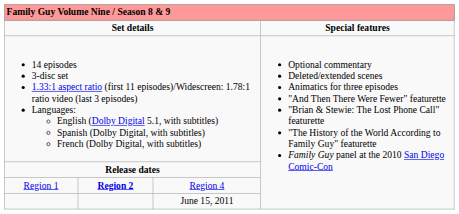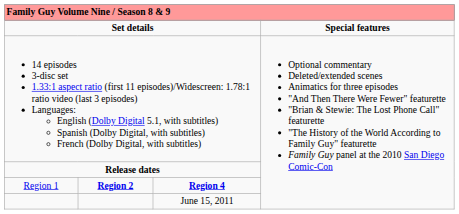 <table class="wikitable" style="font-size: 95%;">
 <tr style="background:#000111">
 <td colspan="5" style="background:#f99;"><strong>Family Guy Volume Nine / Season 8 & 9</strong></td>
 </tr>
 <tr style="vertical-align:top; text-align:center;">
 <td style="width:400px;" colspan="3"><strong>Set details</strong></td>
 <td style="width:300px; "><strong>Special features</strong></td>
 </tr>
 <tr valign="top">
 <td colspan="3"  style="text-align:left; width:400px;"><br><ul><li>14 episodes</li><li>3-disc set</li><li><a href='#'>1.33:1 aspect ratio</a> (first 11 episodes)/Widescreen: 1.78:1 ratio video (last 3 episodes)</li><li>Languages:<ul><li>English (<a href='#'>Dolby Digital</a> 5.1, with subtitles)</li><li>Spanish (Dolby Digital, with subtitles)</li><li>French (Dolby Digital, with subtitles)</li></ul></li></ul></td>
 <td rowspan="4"  style="text-align:left; width:300px;"><br><ul><li>Optional commentary</li><li>Deleted/extended scenes</li><li>Animatics for three episodes</li><li>"And Then There Were Fewer" featurette</li><li>"Brian & Stewie: The Lost Phone Call" featurette</li><li>"The History of the World According to Family Guy" featurette</li><li><em>Family Guy</em> panel at the 2010 <a href='#'>San Diego Comic-Con</a></li></ul></td>
 </tr>
 <tr>
 <td colspan="3" style="text-align:center;"><strong>Release dates</strong></td>
 </tr>
 <tr>
 <td style="text-align:center;"><a href='#'>Region 1</a></td>
 <td style="text-align:center;"><strong><a href='#'>Region 2</a></strong></td>
-<td style="text-align:center;"><a href='#'>Region 4</a></td>
+<td style="text-align:center;"><strong><a href='#'>Region 4</a></strong></td>
 </tr>
 <tr>
 <td style="text-align:center;"></td>
 <td style="text-align:center;"></td>
 <td style="text-align:center;">June 15, 2011</td>
 </tr>
 </table>
